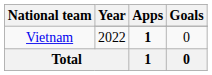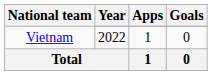 <table class="wikitable" style="text-align: center;">
 <tr>
 <th>National team</th>
 <th>Year</th>
 <th>Apps</th>
 <th>Goals</th>
 </tr>
 <tr>
 <td rowspan="2"><a href='#'>Vietnam</a></td>
 </tr>
 <tr>
 <td>2022</td>
-<td><strong>1</strong></td>
+<td>1</td>
 <td>0</td>
 </tr>
 <tr>
 <th colspan="2">Total</th>
 <th>1</th>
 <th>0</th>
 </tr>
 </table>
